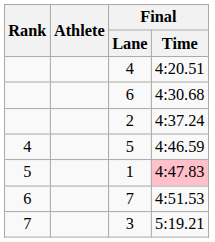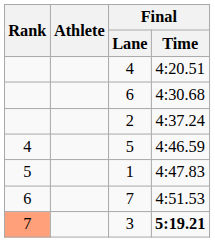 <table class="wikitable sortable"  style="text-align:center">
 <tr>
 <th rowspan="2" data-sort-type=number>Rank</th>
 <th rowspan="2">Athlete</th>
 <th colspan="2">Final</th>
 </tr>
 <tr>
 <th>Lane</th>
 <th>Time</th>
 </tr>
 <tr>
 <td></td>
 <td align="left"></td>
 <td>4</td>
 <td>4:20.51</td>
 </tr>
 <tr>
 <td></td>
 <td align="left"></td>
 <td>6</td>
 <td>4:30.68</td>
 </tr>
 <tr>
 <td></td>
 <td align="left"></td>
 <td>2</td>
 <td>4:37.24</td>
 </tr>
 <tr>
 <td>4</td>
 <td align="left"></td>
 <td>5</td>
 <td>4:46.59</td>
 </tr>
 <tr>
 <td>5</td>
 <td align="left"></td>
 <td>1</td>
-<td style="background: pink;">4:47.83</td>
+<td>4:47.83</td>
 </tr>
 <tr>
 <td>6</td>
 <td align="left"></td>
 <td>7</td>
 <td>4:51.53</td>
 </tr>
 <tr>
-<td>7</td>
+<td style="background: lightsalmon;">7</td>
 <td align="left"></td>
 <td>3</td>
-<td>5:19.21</td>
+<td><strong>5:19.21</strong></td>
 </tr>
 </table>
